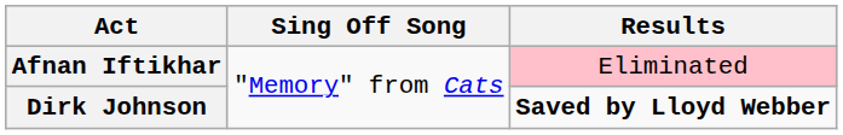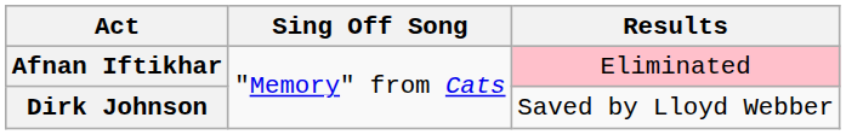 <table class="wikitable plainrowheaders" style="text-align:center;">
 <tr>
 <th scope="col">Act</th>
 <th scope="col">Sing Off Song</th>
 <th scope="col">Results</th>
 </tr>
 <tr>
 <th scope="row">Afnan Iftikhar</th>
 <td rowspan="2">"<a href='#'>Memory</a>" from <em><a href='#'>Cats</a></em></td>
 <td style="background:pink;">Eliminated</td>
 </tr>
 <tr>
 <th scope="row">Dirk Johnson</th>
-<td><strong>Saved by Lloyd Webber</strong></td>
+<td>Saved by Lloyd Webber</td>
 </tr>
 </table>
